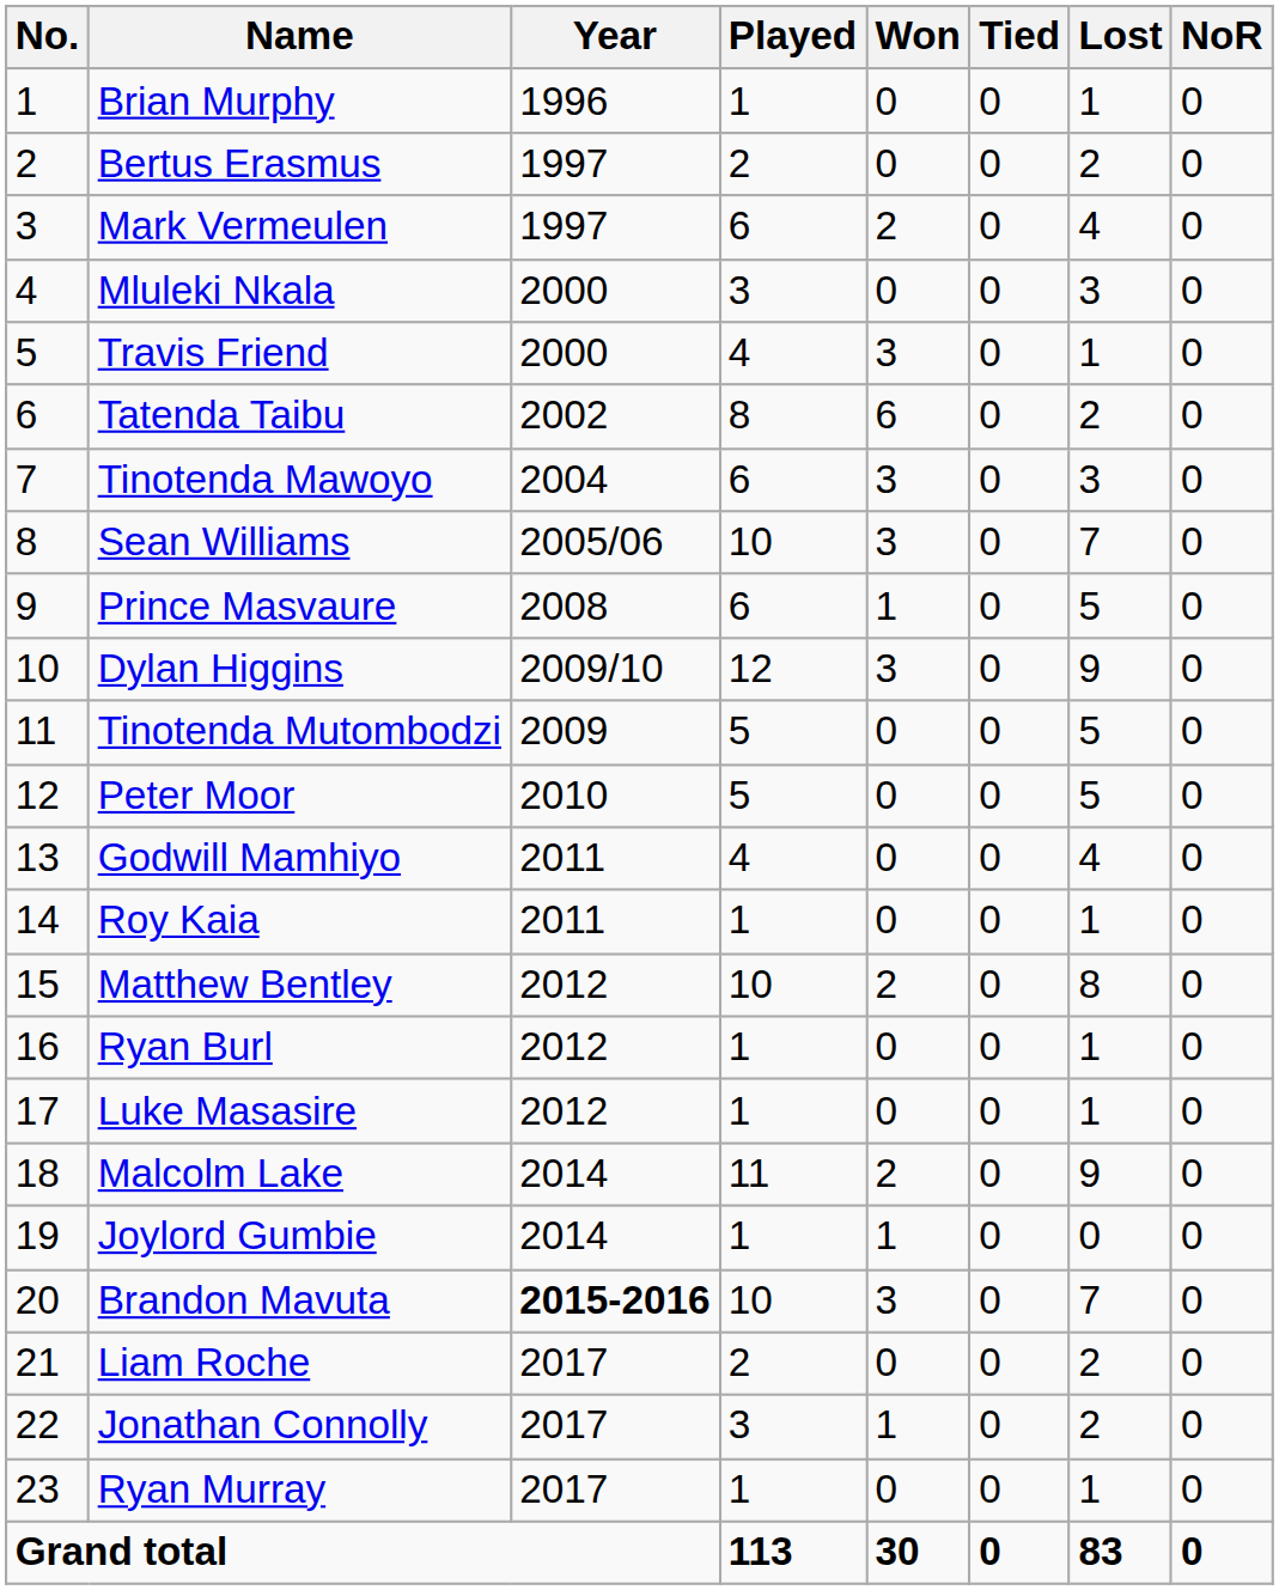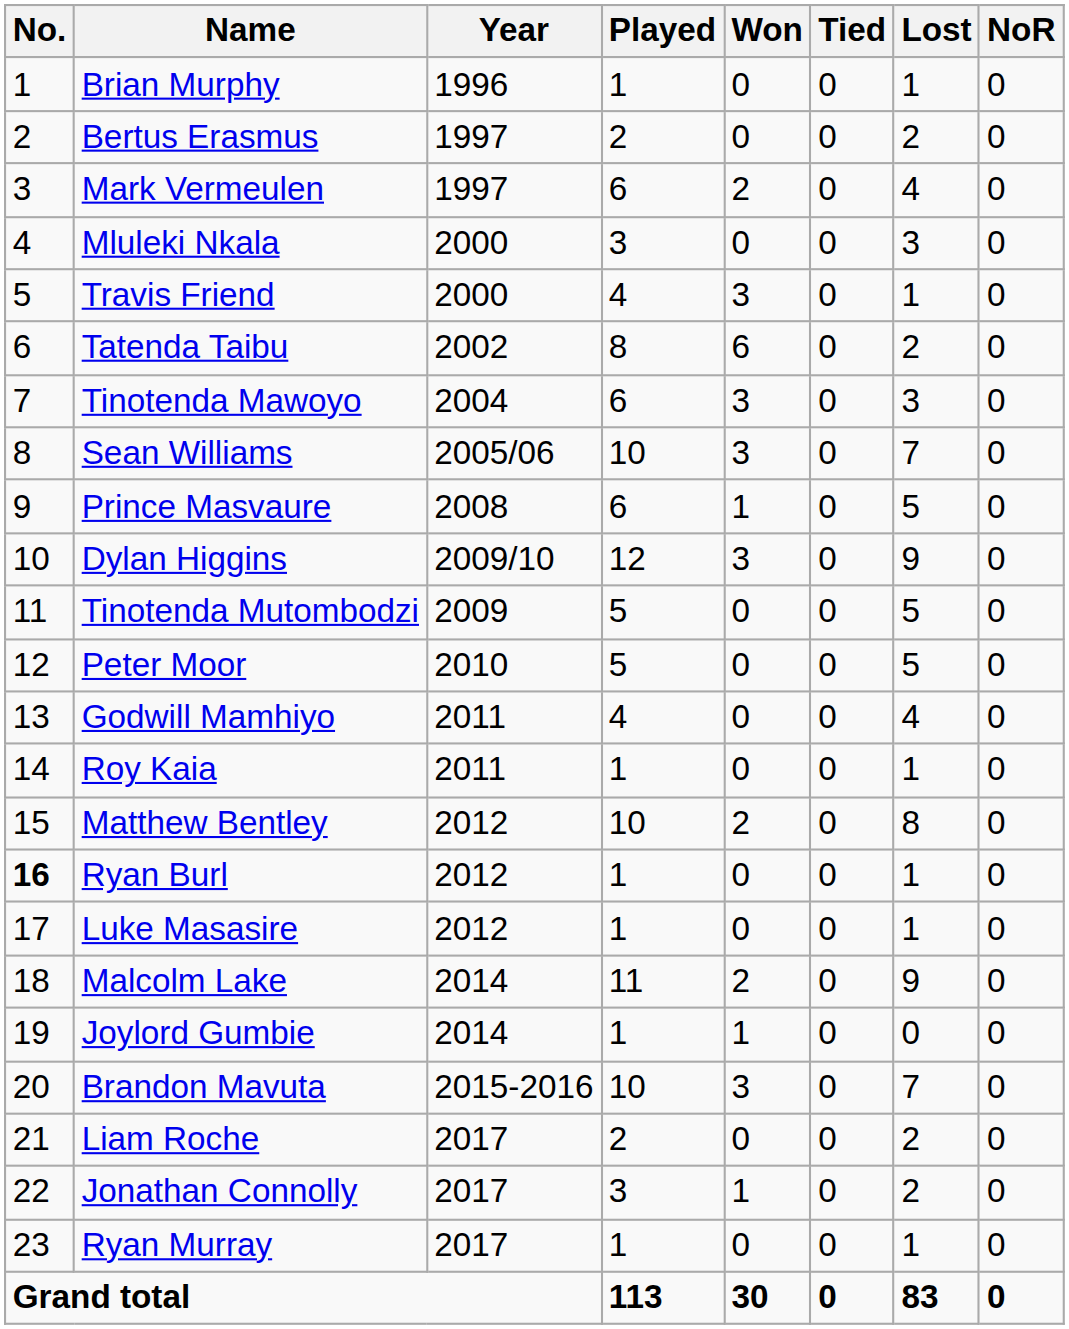 <table class="sortable wikitable">
 <tr style="background:#efefef;">
 <th>No.</th>
 <th>Name</th>
 <th>Year</th>
 <th>Played</th>
 <th>Won</th>
 <th>Tied</th>
 <th>Lost</th>
 <th>NoR</th>
 </tr>
 <tr>
 <td>1</td>
 <td><a href='#'>Brian Murphy</a></td>
 <td>1996</td>
 <td>1</td>
 <td>0</td>
 <td>0</td>
 <td>1</td>
 <td>0</td>
 </tr>
 <tr>
 <td>2</td>
 <td><a href='#'>Bertus Erasmus</a></td>
 <td>1997</td>
 <td>2</td>
 <td>0</td>
 <td>0</td>
 <td>2</td>
 <td>0</td>
 </tr>
 <tr>
 <td>3</td>
 <td><a href='#'>Mark Vermeulen</a></td>
 <td>1997</td>
 <td>6</td>
 <td>2</td>
 <td>0</td>
 <td>4</td>
 <td>0</td>
 </tr>
 <tr>
 <td>4</td>
 <td><a href='#'>Mluleki Nkala</a></td>
 <td>2000</td>
 <td>3</td>
 <td>0</td>
 <td>0</td>
 <td>3</td>
 <td>0</td>
 </tr>
 <tr>
 <td>5</td>
 <td><a href='#'>Travis Friend</a></td>
 <td>2000</td>
 <td>4</td>
 <td>3</td>
 <td>0</td>
 <td>1</td>
 <td>0</td>
 </tr>
 <tr>
 <td>6</td>
 <td><a href='#'>Tatenda Taibu</a></td>
 <td>2002</td>
 <td>8</td>
 <td>6</td>
 <td>0</td>
 <td>2</td>
 <td>0</td>
 </tr>
 <tr>
 <td>7</td>
 <td><a href='#'>Tinotenda Mawoyo</a></td>
 <td>2004</td>
 <td>6</td>
 <td>3</td>
 <td>0</td>
 <td>3</td>
 <td>0</td>
 </tr>
 <tr>
 <td>8</td>
 <td><a href='#'>Sean Williams</a></td>
 <td>2005/06</td>
 <td>10</td>
 <td>3</td>
 <td>0</td>
 <td>7</td>
 <td>0</td>
 </tr>
 <tr>
 <td>9</td>
 <td><a href='#'>Prince Masvaure</a></td>
 <td>2008</td>
 <td>6</td>
 <td>1</td>
 <td>0</td>
 <td>5</td>
 <td>0</td>
 </tr>
 <tr>
 <td>10</td>
 <td><a href='#'>Dylan Higgins</a></td>
 <td>2009/10</td>
 <td>12</td>
 <td>3</td>
 <td>0</td>
 <td>9</td>
 <td>0</td>
 </tr>
 <tr>
 <td>11</td>
 <td><a href='#'>Tinotenda Mutombodzi</a></td>
 <td>2009</td>
 <td>5</td>
 <td>0</td>
 <td>0</td>
 <td>5</td>
 <td>0</td>
 </tr>
 <tr>
 <td>12</td>
 <td><a href='#'>Peter Moor</a></td>
 <td>2010</td>
 <td>5</td>
 <td>0</td>
 <td>0</td>
 <td>5</td>
 <td>0</td>
 </tr>
 <tr>
 <td>13</td>
 <td><a href='#'>Godwill Mamhiyo</a></td>
 <td>2011</td>
 <td>4</td>
 <td>0</td>
 <td>0</td>
 <td>4</td>
 <td>0</td>
 </tr>
 <tr>
 <td>14</td>
 <td><a href='#'>Roy Kaia</a></td>
 <td>2011</td>
 <td>1</td>
 <td>0</td>
 <td>0</td>
 <td>1</td>
 <td>0</td>
 </tr>
 <tr>
 <td>15</td>
 <td><a href='#'>Matthew Bentley</a></td>
 <td>2012</td>
 <td>10</td>
 <td>2</td>
 <td>0</td>
 <td>8</td>
 <td>0</td>
 </tr>
 <tr>
-<td>16</td>
+<td><strong>16</strong></td>
 <td><a href='#'>Ryan Burl</a></td>
 <td>2012</td>
 <td>1</td>
 <td>0</td>
 <td>0</td>
 <td>1</td>
 <td>0</td>
 </tr>
 <tr>
 <td>17</td>
 <td><a href='#'>Luke Masasire</a></td>
 <td>2012</td>
 <td>1</td>
 <td>0</td>
 <td>0</td>
 <td>1</td>
 <td>0</td>
 </tr>
 <tr>
 <td>18</td>
 <td><a href='#'>Malcolm Lake</a></td>
 <td>2014</td>
 <td>11</td>
 <td>2</td>
 <td>0</td>
 <td>9</td>
 <td>0</td>
 </tr>
 <tr>
 <td>19</td>
 <td><a href='#'>Joylord Gumbie</a></td>
 <td>2014</td>
 <td>1</td>
 <td>1</td>
 <td>0</td>
 <td>0</td>
 <td>0</td>
 </tr>
 <tr>
 <td>20</td>
 <td><a href='#'>Brandon Mavuta</a></td>
-<td><strong>2015-2016</strong></td>
+<td>2015-2016</td>
 <td>10</td>
 <td>3</td>
 <td>0</td>
 <td>7</td>
 <td>0</td>
 </tr>
 <tr>
 <td>21</td>
 <td><a href='#'>Liam Roche</a></td>
 <td>2017</td>
 <td>2</td>
 <td>0</td>
 <td>0</td>
 <td>2</td>
 <td>0</td>
 </tr>
 <tr>
 <td>22</td>
 <td><a href='#'>Jonathan Connolly</a></td>
 <td>2017</td>
 <td>3</td>
 <td>1</td>
 <td>0</td>
 <td>2</td>
 <td>0</td>
 </tr>
 <tr>
 <td>23</td>
 <td><a href='#'>Ryan Murray</a></td>
 <td>2017</td>
 <td>1</td>
 <td>0</td>
 <td>0</td>
 <td>1</td>
 <td>0</td>
 </tr>
 <tr>
 <td colspan=3><strong>Grand total</strong></td>
 <td><strong>113</strong></td>
 <td><strong>30</strong></td>
 <td><strong>0</strong></td>
 <td><strong>83</strong></td>
 <td><strong>0</strong></td>
 </tr>
 </table>
